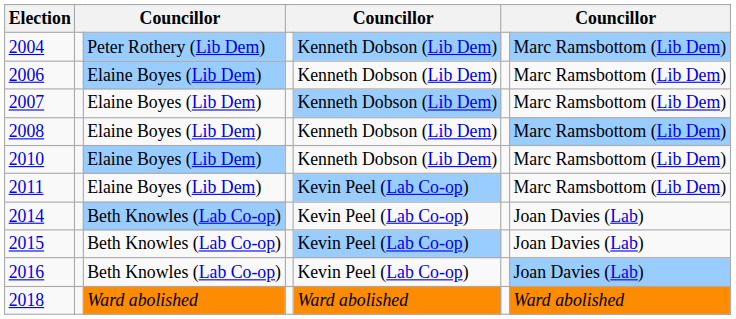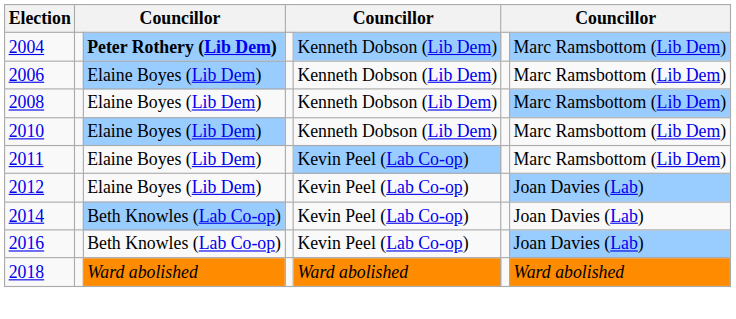 <table class="wikitable">
 <tr>
 <th>Election</th>
 <th colspan="2">Councillor</th>
 <th colspan="2">Councillor</th>
 <th colspan="2">Councillor</th>
 </tr>
 <tr>
 <td><a href='#'>2004</a></td>
 <td style="background-color: "></td>
-<td bgcolor="#99CCFF">Peter Rothery (<a href='#'>Lib Dem</a>)</td>
+<td bgcolor="#99CCFF"><strong>Peter Rothery (<a href='#'>Lib Dem</a>)</strong></td>
 <td style="background-color: "></td>
 <td bgcolor="#99CCFF">Kenneth Dobson (<a href='#'>Lib Dem</a>)</td>
 <td style="background-color: "></td>
 <td bgcolor="#99CCFF">Marc Ramsbottom (<a href='#'>Lib Dem</a>)</td>
 </tr>
 <tr>
 <td><a href='#'>2006</a></td>
 <td style="background-color: "></td>
 <td bgcolor="#99CCFF">Elaine Boyes (<a href='#'>Lib Dem</a>)</td>
 <td style="background-color: "></td>
 <td>Kenneth Dobson (<a href='#'>Lib Dem</a>)</td>
-<td style="background-color: "></td>
-<td>Marc Ramsbottom (<a href='#'>Lib Dem</a>)</td>
-</tr>
-<tr>
-<td><a href='#'>2007</a></td>
-<td style="background-color: "></td>
-<td>Elaine Boyes (<a href='#'>Lib Dem</a>)</td>
-<td style="background-color: "></td>
-<td bgcolor="#99CCFF">Kenneth Dobson (<a href='#'>Lib Dem</a>)</td>
 <td style="background-color: "></td>
 <td>Marc Ramsbottom (<a href='#'>Lib Dem</a>)</td>
 </tr>
 <tr>
 <td><a href='#'>2008</a></td>
 <td style="background-color: "></td>
 <td>Elaine Boyes (<a href='#'>Lib Dem</a>)</td>
 <td style="background-color: "></td>
 <td>Kenneth Dobson (<a href='#'>Lib Dem</a>)</td>
 <td style="background-color: "></td>
 <td bgcolor="#99CCFF">Marc Ramsbottom (<a href='#'>Lib Dem</a>)</td>
 </tr>
 <tr>
 <td><a href='#'>2010</a></td>
 <td style="background-color: "></td>
 <td bgcolor="#99CCFF">Elaine Boyes (<a href='#'>Lib Dem</a>)</td>
 <td style="background-color: "></td>
 <td>Kenneth Dobson (<a href='#'>Lib Dem</a>)</td>
 <td style="background-color: "></td>
 <td>Marc Ramsbottom (<a href='#'>Lib Dem</a>)</td>
 </tr>
 <tr>
 <td><a href='#'>2011</a></td>
 <td style="background-color: "></td>
 <td>Elaine Boyes (<a href='#'>Lib Dem</a>)</td>
 <td style="background-color: "></td>
 <td bgcolor="#99CCFF">Kevin Peel (<a href='#'>Lab Co-op</a>)</td>
 <td style="background-color: "></td>
 <td>Marc Ramsbottom (<a href='#'>Lib Dem</a>)</td>
 </tr>
 <tr>
+<td><a href='#'>2012</a></td>
+<td style="background-color: "></td>
+<td>Elaine Boyes (<a href='#'>Lib Dem</a>)</td>
+<td style="background-color: "></td>
+<td>Kevin Peel (<a href='#'>Lab Co-op</a>)</td>
+<td style="background-color: "></td>
+<td bgcolor="#99CCFF">Joan Davies (<a href='#'>Lab</a>)</td>
+</tr>
+<tr>
 <td><a href='#'>2014</a></td>
 <td style="background-color: "></td>
 <td bgcolor="#99CCFF">Beth Knowles (<a href='#'>Lab Co-op</a>)</td>
 <td style="background-color: "></td>
 <td>Kevin Peel (<a href='#'>Lab Co-op</a>)</td>
-<td style="background-color: "></td>
-<td>Joan Davies (<a href='#'>Lab</a>)</td>
-</tr>
-<tr>
-<td><a href='#'>2015</a></td>
-<td style="background-color: "></td>
-<td>Beth Knowles (<a href='#'>Lab Co-op</a>)</td>
-<td style="background-color: "></td>
-<td bgcolor="#99CCFF">Kevin Peel (<a href='#'>Lab Co-op</a>)</td>
 <td style="background-color: "></td>
 <td>Joan Davies (<a href='#'>Lab</a>)</td>
 </tr>
 <tr>
 <td><a href='#'>2016</a></td>
 <td style="background-color: "></td>
 <td>Beth Knowles (<a href='#'>Lab Co-op</a>)</td>
 <td style="background-color: "></td>
 <td>Kevin Peel (<a href='#'>Lab Co-op</a>)</td>
 <td style="background-color: "></td>
 <td bgcolor="#99CCFF">Joan Davies (<a href='#'>Lab</a>)</td>
 </tr>
 <tr>
 <td><a href='#'>2018</a></td>
 <td style="background-color: "></td>
 <td bgcolor="#FF8C00"><em>Ward abolished</em></td>
 <td style="background-color: "></td>
 <td bgcolor="#FF8C00"><em>Ward abolished</em></td>
 <td style="background-color: "></td>
 <td bgcolor="#FF8C00"><em>Ward abolished</em></td>
 </tr>
 </table>
